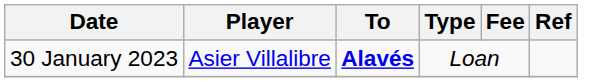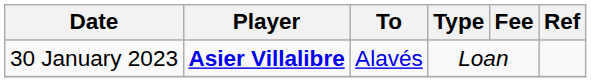 <table class="wikitable">
 <tr>
 <th>Date</th>
 <th>Player</th>
 <th>To</th>
 <th>Type</th>
 <th>Fee</th>
 <th>Ref</th>
 </tr>
 <tr>
 <td>30 January 2023</td>
-<td> <a href='#'>Asier Villalibre</a></td>
-<td><strong><a href='#'>Alavés</a></strong></td>
+<td><strong> <a href='#'>Asier Villalibre</a></strong></td>
+<td><a href='#'>Alavés</a></td>
 <td colspan=2 align=center><em>Loan</em></td>
 <td align=center></td>
 </tr>
 <tr>
 </tr>
 </table>
